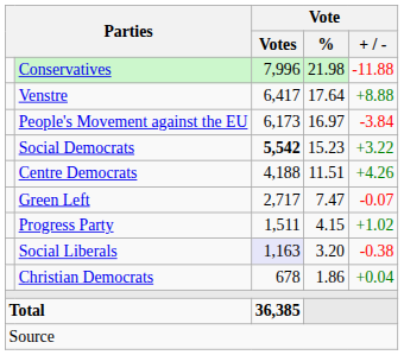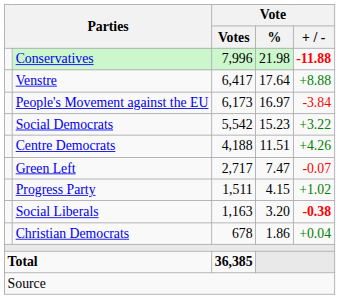 <table class="wikitable" style="text-align:right;">
 <tr>
 <th style="text-align:centre;" rowspan="2" colspan="2" width="225">Parties</th>
 <th colspan="3">Vote</th>
 </tr>
 <tr>
 <th width="15">Votes</th>
 <th width="15">%</th>
 <th width="15">+ / -</th>
 </tr>
 <tr>
 <td width="2" style="color:inherit;background:"></td>
 <td bgcolor=#ccf7cc   align="left"><a href='#'>Conservatives</a></td>
 <td bgcolor=#ccf7cc>7,996</td>
 <td bgcolor=#ccf7cc>21.98</td>
-<td style=color:red;>-11.88</td>
+<td style=color:red;><strong>-11.88</strong></td>
 </tr>
 <tr>
 <td width="2" style="color:inherit;background:"></td>
 <td align="left"><a href='#'>Venstre</a></td>
 <td>6,417</td>
 <td>17.64</td>
 <td style=color:green;>+8.88</td>
 </tr>
 <tr>
 <td width="2" style="color:inherit;background:"></td>
 <td align="left"><a href='#'>People's Movement against the EU</a></td>
 <td>6,173</td>
 <td>16.97</td>
 <td style=color:red;>-3.84</td>
 </tr>
 <tr>
 <td width="2" style="color:inherit;background:"></td>
 <td align="left"><a href='#'>Social Democrats</a></td>
-<td><strong>5,542</strong></td>
+<td>5,542</td>
 <td>15.23</td>
 <td style=color:green;>+3.22</td>
 </tr>
 <tr>
 <td width="2" style="color:inherit;background:"></td>
 <td align="left"><a href='#'>Centre Democrats</a></td>
 <td>4,188</td>
 <td>11.51</td>
 <td style=color:green;>+4.26</td>
 </tr>
 <tr>
 <td width="2" style="color:inherit;background:"></td>
 <td align="left"><a href='#'>Green Left</a></td>
 <td>2,717</td>
 <td>7.47</td>
 <td style=color:red;>-0.07</td>
 </tr>
 <tr>
 <td width="2" style="color:inherit;background:"></td>
 <td align="left"><a href='#'>Progress Party</a></td>
 <td>1,511</td>
 <td>4.15</td>
 <td style=color:green;>+1.02</td>
 </tr>
 <tr>
 <td width="2" style="color:inherit;background:"></td>
 <td align="left"><a href='#'>Social Liberals</a></td>
-<td style="background: lavender;">1,163</td>
+<td>1,163</td>
 <td>3.20</td>
-<td style=color:red;>-0.38</td>
+<td style=color:red;><strong>-0.38</strong></td>
 </tr>
 <tr>
 <td width="2" style="color:inherit;background:"></td>
 <td align="left"><a href='#'>Christian Democrats</a></td>
 <td>678</td>
 <td>1.86</td>
 <td style=color:green;>+0.04</td>
 </tr>
 <tr>
 <td colspan="7" bgcolor="#E9E9E9"></td>
 </tr>
 <tr>
 <td align="left" colspan="2"><strong>Total</strong></td>
 <td><strong>36,385</strong></td>
 <td bgcolor="#E9E9E9" colspan="2"></td>
 </tr>
 <tr>
 <td align="left" colspan="6">Source</td>
 </tr>
 </table>
